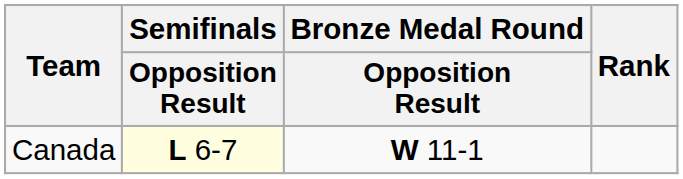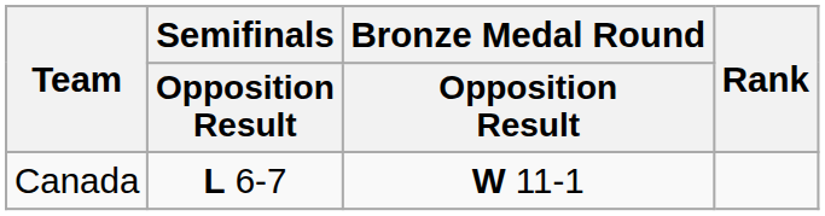 <table class="wikitable" style="font-size:90%">
 <tr>
 <th rowspan=2>Team</th>
 <th>Semifinals</th>
 <th>Bronze Medal Round</th>
 <th rowspan=2>Rank</th>
 </tr>
 <tr style="font-size:95%">
 <th>Opposition<br>Result</th>
 <th>Opposition<br>Result</th>
 </tr>
 <tr align=center>
 <td align=left>Canada</td>
-<td style="background: lightyellow;"> <strong>L</strong> 6-7</td>
+<td> <strong>L</strong> 6-7</td>
 <td> <strong>W</strong> 11-1</td>
 <td></td>
 </tr>
 </table>
